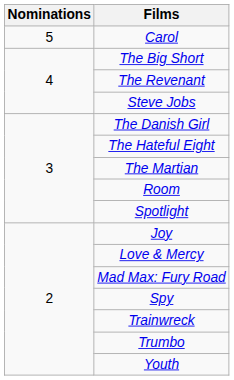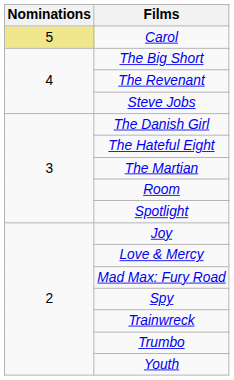 <table class="wikitable" style="text-align: center">
 <tr>
 <th scope="col" width="55">Nominations</th>
 <th scope="col" align="center">Films</th>
 </tr>
 <tr>
-<td align="center">5</td>
+<td align="center" style="background: khaki;">5</td>
 <td><em><a href='#'>Carol</a></em></td>
 </tr>
 <tr>
 <td rowspan=3 style="text-align:center">4</td>
 <td><em><a href='#'>The Big Short</a></em></td>
 </tr>
 <tr>
 <td><em><a href='#'>The Revenant</a></em></td>
 </tr>
 <tr>
 <td><em><a href='#'>Steve Jobs</a></em></td>
 </tr>
 <tr>
 <td rowspan=5 style="text-align:center">3</td>
 <td><em><a href='#'>The Danish Girl</a></em></td>
 </tr>
 <tr>
 <td><em><a href='#'>The Hateful Eight</a></em></td>
 </tr>
 <tr>
 <td><em><a href='#'>The Martian</a></em></td>
 </tr>
 <tr>
 <td><em><a href='#'>Room</a></em></td>
 </tr>
 <tr>
 <td><em><a href='#'>Spotlight</a></em></td>
 </tr>
 <tr>
 <td rowspan=7 style="text-align:center">2</td>
 <td><em><a href='#'>Joy</a></em></td>
 </tr>
 <tr>
 <td><em><a href='#'>Love & Mercy</a></em></td>
 </tr>
 <tr>
 <td><em><a href='#'>Mad Max: Fury Road</a></em></td>
 </tr>
 <tr>
 <td><em><a href='#'>Spy</a></em></td>
 </tr>
 <tr>
 <td><em><a href='#'>Trainwreck</a></em></td>
 </tr>
 <tr>
 <td><em><a href='#'>Trumbo</a></em></td>
 </tr>
 <tr>
 <td><em><a href='#'>Youth</a></em></td>
 </tr>
 </table>
